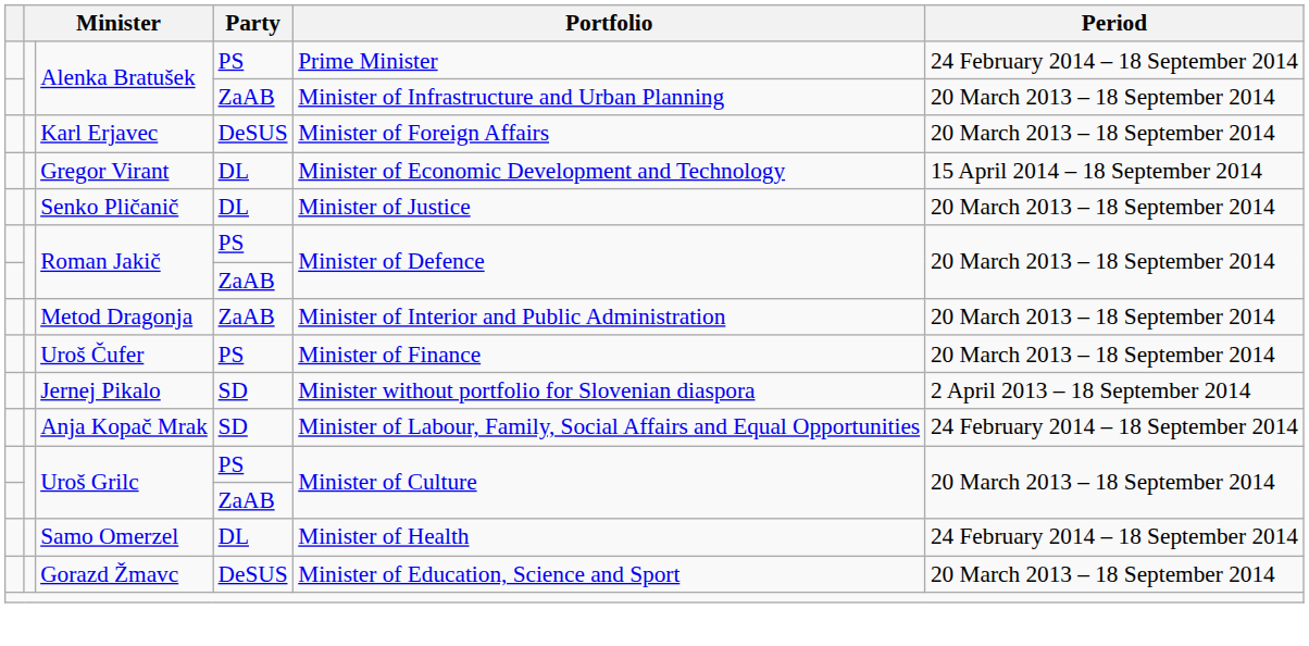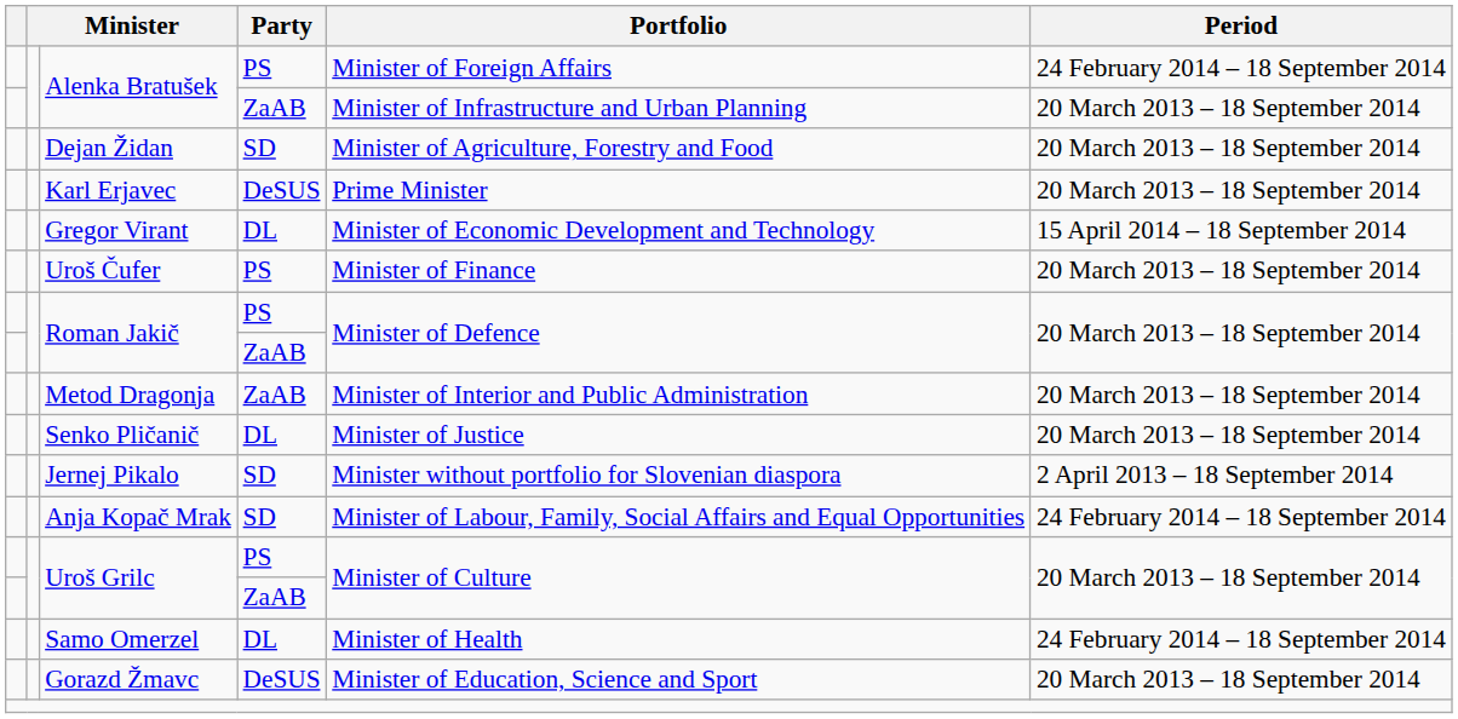 <table class="wikitable">
 <tr>
 <th colspan="1" width=6px></th>
 <th colspan="2">Minister</th>
 <th>Party</th>
 <th>Portfolio</th>
 <th>Period</th>
 </tr>
 <tr>
 <td style="background-color: "></td>
 <td rowspan="2"></td>
 <td rowspan="2"><a href='#'>Alenka Bratušek</a></td>
 <td><a href='#'>PS</a></td>
-<td><a href='#'>Prime Minister</a></td>
+<td><a href='#'>Minister of Foreign Affairs</a></td>
 <td>24 February 2014 – 18 September 2014</td>
 </tr>
 <tr>
 <td style="background-color: "></td>
 <td><a href='#'>ZaAB</a></td>
 <td><a href='#'>Minister of Infrastructure and Urban Planning</a></td>
 <td>20 March 2013 – 18 September 2014</td>
 </tr>
 <tr>
 <td style="background-color: "></td>
 <td></td>
+<td><a href='#'>Dejan Židan</a></td>
+<td><a href='#'>SD</a></td>
+<td><a href='#'>Minister of Agriculture, Forestry and Food</a></td>
+<td>20 March 2013 – 18 September 2014</td>
+</tr>
+<tr>
+<td style="background-color: "></td>
+<td></td>
 <td><a href='#'>Karl Erjavec</a></td>
 <td><a href='#'>DeSUS</a></td>
-<td><a href='#'>Minister of Foreign Affairs</a></td>
+<td><a href='#'>Prime Minister</a></td>
 <td>20 March 2013 – 18 September 2014</td>
 </tr>
 <tr>
 <td style="background-color: "></td>
 <td></td>
 <td><a href='#'>Gregor Virant</a></td>
 <td><a href='#'>DL</a></td>
 <td><a href='#'>Minister of Economic Development and Technology</a></td>
 <td>15 April 2014 – 18 September 2014</td>
 </tr>
 <tr>
 <td style="background-color: "></td>
 <td></td>
-<td><a href='#'>Senko Pličanič</a></td>
-<td><a href='#'>DL</a></td>
-<td><a href='#'>Minister of Justice</a></td>
+<td><a href='#'>Uroš Čufer</a></td>
+<td><a href='#'>PS</a></td>
+<td><a href='#'>Minister of Finance</a></td>
 <td>20 March 2013 – 18 September 2014</td>
 </tr>
 <tr>
 <td style="background-color: "></td>
 <td rowspan="2"></td>
 <td rowspan="2"><a href='#'>Roman Jakič</a></td>
 <td><a href='#'>PS</a></td>
 <td rowspan="2"><a href='#'>Minister of Defence</a></td>
 <td rowspan="2">20 March 2013 – 18 September 2014</td>
 </tr>
 <tr>
 <td style="background-color: "></td>
 <td><a href='#'>ZaAB</a></td>
 </tr>
 <tr>
 <td style="background-color: "></td>
 <td></td>
 <td><a href='#'>Metod Dragonja</a></td>
 <td><a href='#'>ZaAB</a></td>
 <td><a href='#'>Minister of Interior and Public Administration</a></td>
 <td>20 March 2013 – 18 September 2014</td>
 </tr>
 <tr>
 <td style="background-color: "></td>
 <td></td>
-<td><a href='#'>Uroš Čufer</a></td>
-<td><a href='#'>PS</a></td>
-<td><a href='#'>Minister of Finance</a></td>
+<td><a href='#'>Senko Pličanič</a></td>
+<td><a href='#'>DL</a></td>
+<td><a href='#'>Minister of Justice</a></td>
 <td>20 March 2013 – 18 September 2014</td>
 </tr>
 <tr>
 <td style="background-color: "></td>
 <td></td>
 <td><a href='#'>Jernej Pikalo</a></td>
 <td><a href='#'>SD</a></td>
 <td><a href='#'>Minister without portfolio for Slovenian diaspora</a></td>
 <td>2 April 2013 – 18 September 2014</td>
 </tr>
 <tr>
 <td style="background-color: "></td>
 <td></td>
 <td><a href='#'>Anja Kopač Mrak</a></td>
 <td><a href='#'>SD</a></td>
 <td><a href='#'>Minister of Labour, Family, Social Affairs and Equal Opportunities</a></td>
 <td>24 February 2014 – 18 September 2014</td>
 </tr>
 <tr>
 <td style="background-color: "></td>
 <td rowspan="2"></td>
 <td rowspan="2"><a href='#'>Uroš Grilc</a></td>
 <td><a href='#'>PS</a></td>
 <td rowspan="2"><a href='#'>Minister of Culture</a></td>
 <td rowspan="2">20 March 2013 – 18 September 2014</td>
 </tr>
 <tr>
 <td style="background-color: "></td>
 <td><a href='#'>ZaAB</a></td>
 </tr>
 <tr>
 <td style="background-color: "></td>
 <td></td>
 <td><a href='#'>Samo Omerzel</a></td>
 <td><a href='#'>DL</a></td>
 <td><a href='#'>Minister of Health</a></td>
 <td>24 February 2014 – 18 September 2014</td>
 </tr>
 <tr>
 <td style="background-color: "></td>
 <td></td>
 <td><a href='#'>Gorazd Žmavc</a></td>
 <td><a href='#'>DeSUS</a></td>
 <td><a href='#'>Minister of Education, Science and Sport</a></td>
 <td>20 March 2013 – 18 September 2014</td>
 </tr>
 <tr>
 <td colspan=6></td>
 </tr>
 </table>
